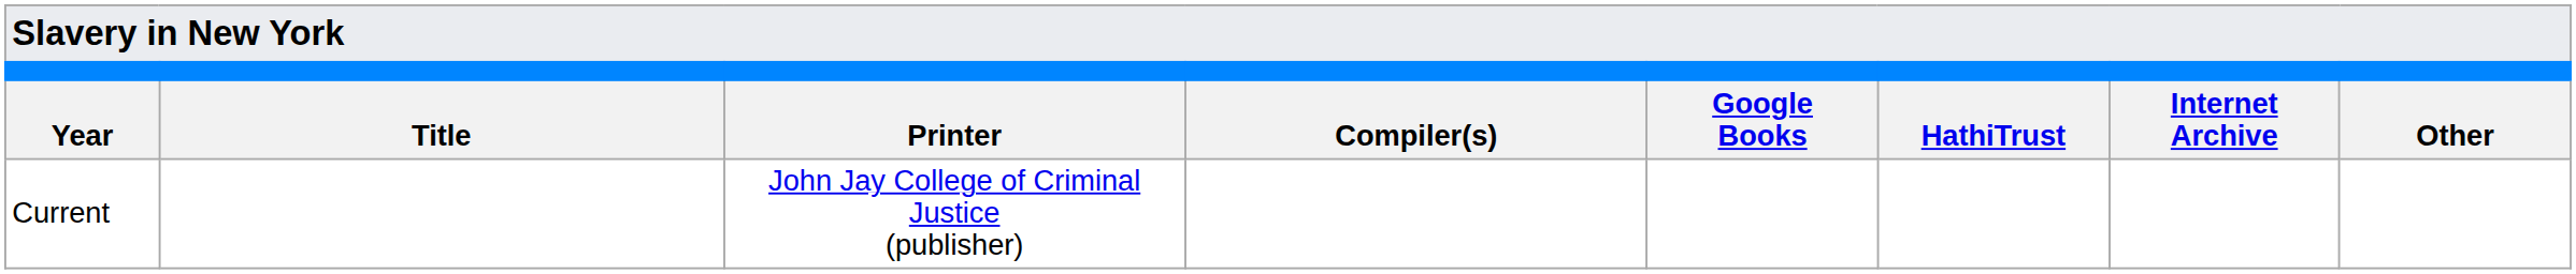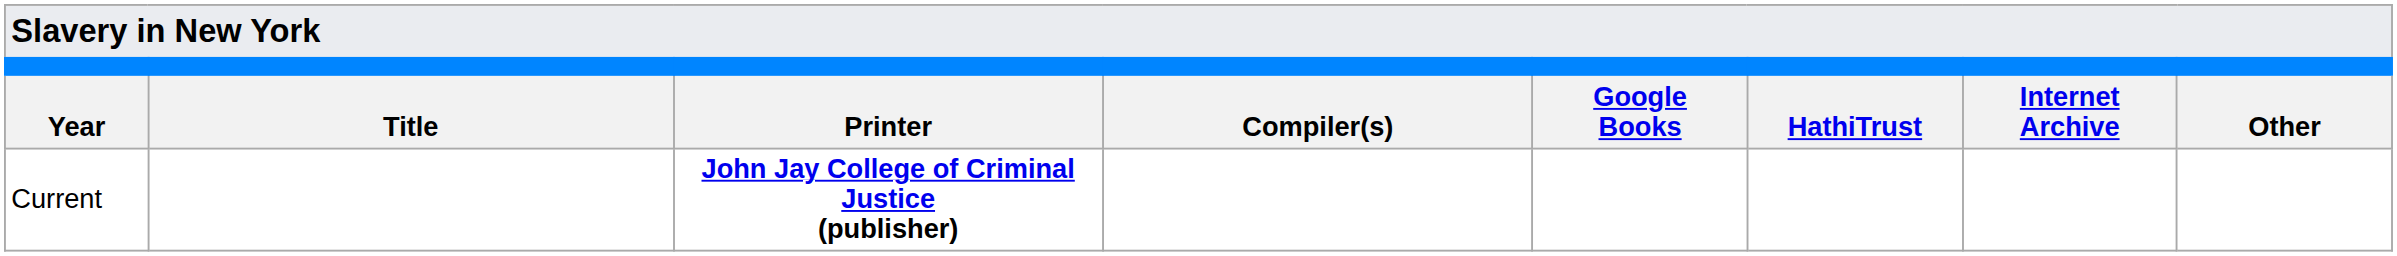 <table class="wikitable collapsible sortable static-row-numbers" cellpadding="1" style="color: black; background-color: #FFFFFF; font-size: 90%; width:100%">
 <tr class="static-row-header" style="text-align:center;vertical-align:bottom;">
 <th style="text-align:left; background:#eaecf0; border-style: solid; border-width: 0px 0px 0px 0px;" colspan=8><big><strong>Slavery in New York</strong></big></th>
 </tr>
 <tr class="static-row-header" style="text-align:center;vertical-align:bottom;border-style: solid; border-color: #0085ff; border-width: 10px 0px 0px 0px;">
 <th>Year</th>
 <th>Title</th>
 <th>Printer</th>
 <th>Compiler(s)</th>
 <th><a href='#'>Google<br>Books</a></th>
 <th><a href='#'>HathiTrust</a></th>
 <th><a href='#'>Internet<br>Archive</a></th>
 <th>Other</th>
 </tr>
 <tr>
 <td width="6%;" data-sort-value="2021">Current</td>
 <td width="22%" data-sort-value="new york slavery 2021"></td>
-<td style="text-align:center" width="18%" data-sort-value="john jay college 2021"><a href='#'>John Jay College of Criminal Justice</a><br>(publisher)</td>
+<td style="text-align:center" width="18%" data-sort-value="john jay college 2021"><strong><a href='#'>John Jay College of Criminal Justice</a><br>(publisher)</strong></td>
 <td style="text-align:center" width="18%"></td>
 <td style="text-align:center" width="9%"></td>
 <td style="text-align:center" width="9%"></td>
 <td style="text-align:center" width="9%"></td>
 <td style="text-align:center" width="9%"></td>
 </tr>
 </table>
